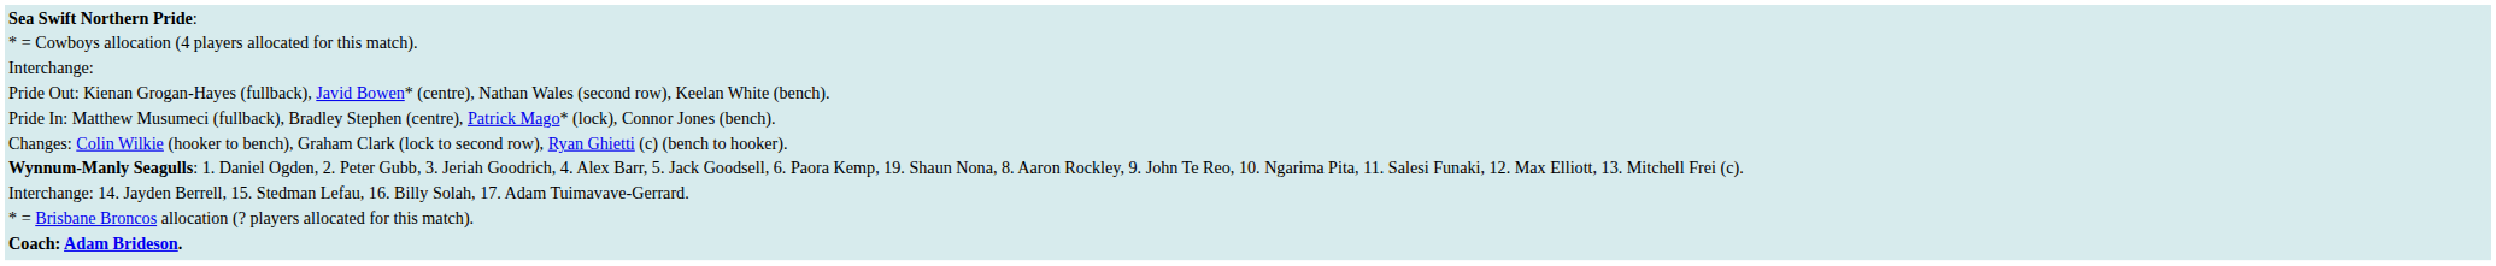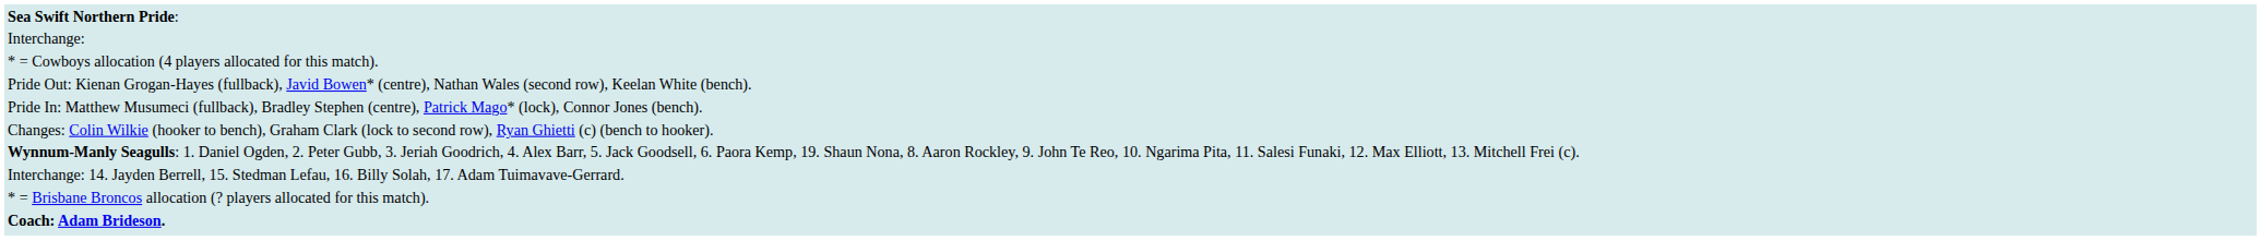 <table style="background:#d7ebed; font-size:85%; width:100%;">
 <tr>
 <td><strong>Sea Swift Northern Pride</strong>:             </td>
 </tr>
 <tr>
-<td>* = Cowboys allocation (4 players allocated for this match).</td>
+<td>Interchange:    </td>
 </tr>
 <tr>
-<td>Interchange:    </td>
+<td>* = Cowboys allocation (4 players allocated for this match).</td>
 </tr>
 <tr>
 <td>Pride Out: Kienan Grogan-Hayes (fullback), <a href='#'>Javid Bowen</a>* (centre), Nathan Wales (second row), Keelan White (bench).</td>
 </tr>
 <tr>
 <td>Pride In: Matthew Musumeci (fullback), Bradley Stephen (centre), <a href='#'>Patrick Mago</a>* (lock), Connor Jones (bench).</td>
 </tr>
 <tr>
 <td>Changes: <a href='#'>Colin Wilkie</a> (hooker to bench), Graham Clark (lock to second row), <a href='#'>Ryan Ghietti</a> (c) (bench to hooker).</td>
 </tr>
 <tr>
 <td><strong>Wynnum-Manly Seagulls</strong>: 1. Daniel Ogden, 2. Peter Gubb, 3. Jeriah Goodrich, 4. Alex Barr, 5. Jack Goodsell, 6. Paora Kemp, 19. Shaun Nona, 8. Aaron Rockley, 9. John Te Reo, 10. Ngarima Pita, 11. Salesi Funaki, 12. Max Elliott, 13. Mitchell Frei (c).</td>
 </tr>
 <tr>
 <td>Interchange: 14. Jayden Berrell, 15. Stedman Lefau, 16. Billy Solah, 17. Adam Tuimavave-Gerrard.</td>
 </tr>
 <tr>
 <td>* = <a href='#'>Brisbane Broncos</a> allocation (? players allocated for this match).</td>
 </tr>
 <tr>
 <td><strong>Coach: <a href='#'>Adam Brideson</a>.</strong></td>
 </tr>
 <tr>
 </tr>
 </table>
